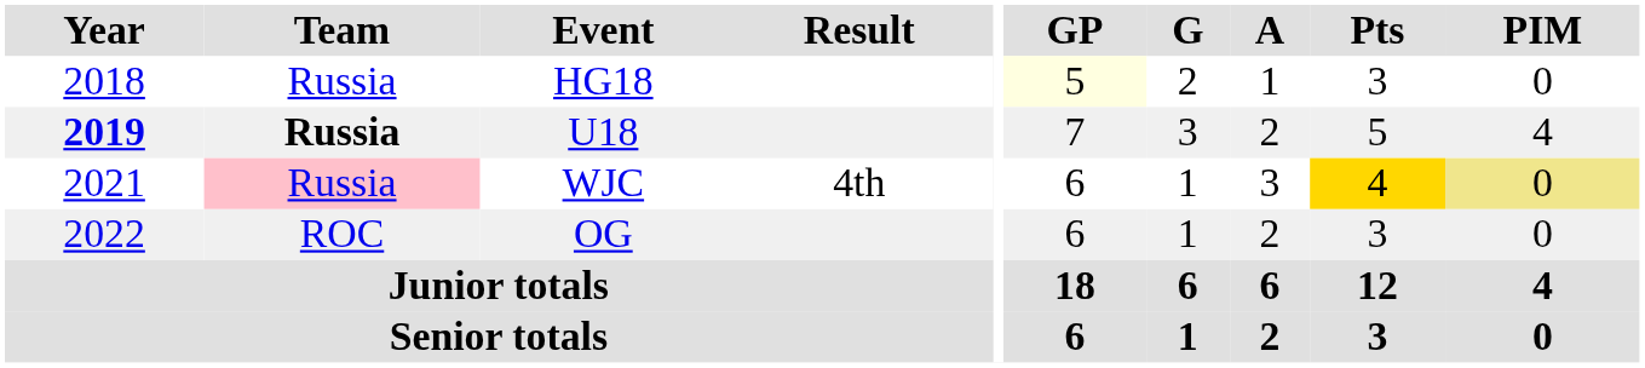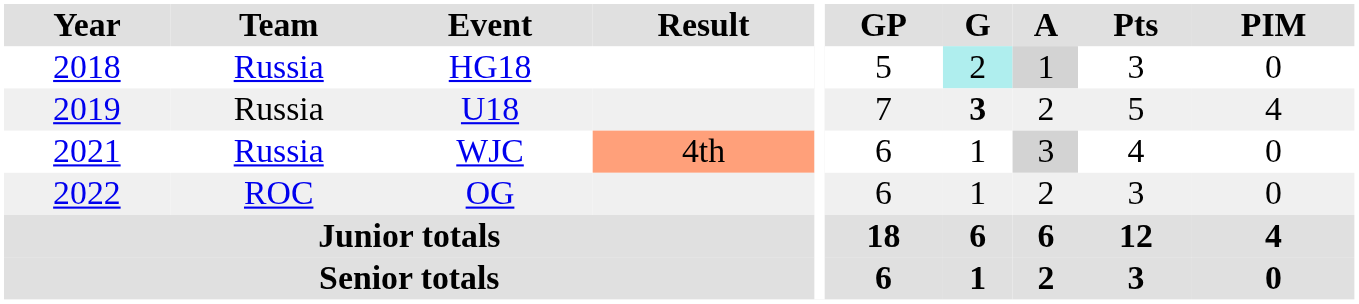 <table border="0" cellpadding="1" cellspacing="0" ID="Table3" style="text-align:center; width:40em">
 <tr ALIGN="center" bgcolor="#e0e0e0">
 <th>Year</th>
 <th>Team</th>
 <th>Event</th>
 <th>Result</th>
 <th rowspan="100" bgcolor="#ffffff"></th>
 <th>GP</th>
 <th>G</th>
 <th>A</th>
 <th>Pts</th>
 <th>PIM</th>
 </tr>
 <tr>
 <td><a href='#'>2018</a></td>
 <td><a href='#'>Russia</a></td>
 <td><a href='#'>HG18</a></td>
 <td></td>
-<td style="background: lightyellow;">5</td>
-<td>2</td>
-<td>1</td>
+<td>5</td>
+<td style="background: paleturquoise;">2</td>
+<td style="background: lightgrey;">1</td>
 <td>3</td>
 <td>0</td>
 </tr>
 <tr bgcolor="#f0f0f0">
-<td><strong><a href='#'>2019</a></strong></td>
-<td><strong>Russia</strong></td>
+<td><a href='#'>2019</a></td>
+<td>Russia</td>
 <td><a href='#'>U18</a></td>
 <td></td>
 <td>7</td>
-<td>3</td>
+<td><strong>3</strong></td>
 <td>2</td>
 <td>5</td>
 <td>4</td>
 </tr>
 <tr>
 <td><a href='#'>2021</a></td>
-<td style="background: pink;"><a href='#'>Russia</a></td>
+<td><a href='#'>Russia</a></td>
 <td><a href='#'>WJC</a></td>
-<td>4th</td>
+<td style="background: lightsalmon;">4th</td>
 <td>6</td>
 <td>1</td>
-<td>3</td>
-<td style="background: gold;">4</td>
-<td style="background: khaki;">0</td>
+<td style="background: lightgrey;">3</td>
+<td>4</td>
+<td>0</td>
 </tr>
 <tr bgcolor="#f0f0f0">
 <td><a href='#'>2022</a></td>
 <td><a href='#'>ROC</a></td>
 <td><a href='#'>OG</a></td>
 <td></td>
 <td>6</td>
 <td>1</td>
 <td>2</td>
 <td>3</td>
 <td>0</td>
 </tr>
 <tr bgcolor="#e0e0e0">
 <th colspan="4">Junior totals</th>
 <th>18</th>
 <th>6</th>
 <th>6</th>
 <th>12</th>
 <th>4</th>
 </tr>
 <tr bgcolor="#e0e0e0">
 <th colspan="4">Senior totals</th>
 <th>6</th>
 <th>1</th>
 <th>2</th>
 <th>3</th>
 <th>0</th>
 </tr>
 </table>
